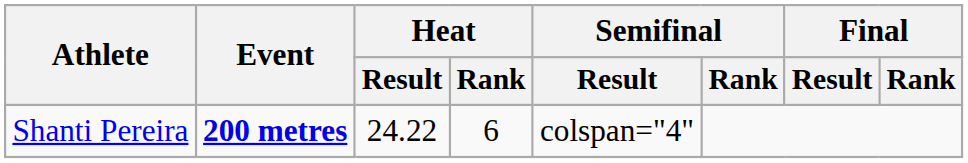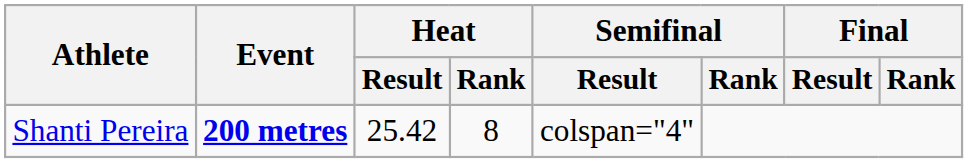 <table class="wikitable" style="font-size:90%">
 <tr>
 <th rowspan="2">Athlete</th>
 <th rowspan="2">Event</th>
 <th colspan="2">Heat</th>
 <th colspan="2">Semifinal</th>
 <th colspan="2">Final</th>
 </tr>
 <tr style="font-size:95%">
 <th>Result</th>
 <th>Rank</th>
 <th>Result</th>
 <th>Rank</th>
 <th>Result</th>
 <th>Rank</th>
 </tr>
 <tr style=text-align:center>
 <td style=text-align:left><a href='#'>Shanti Pereira</a></td>
 <td style=text-align:left><strong><a href='#'>200 metres</a></strong></td>
-<td>24.22</td>
-<td>6</td>
+<td>25.42</td>
+<td>8</td>
 <td>colspan="4" </td>
 </tr>
 </table>
